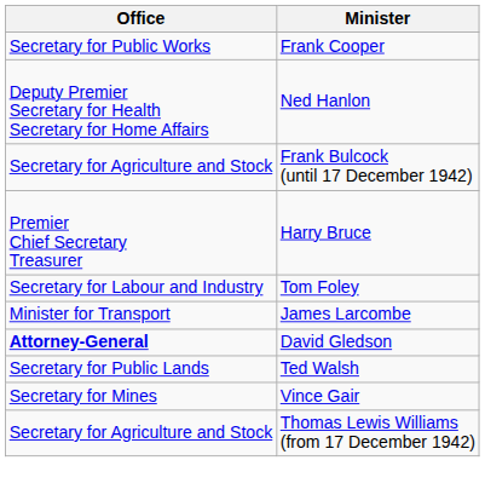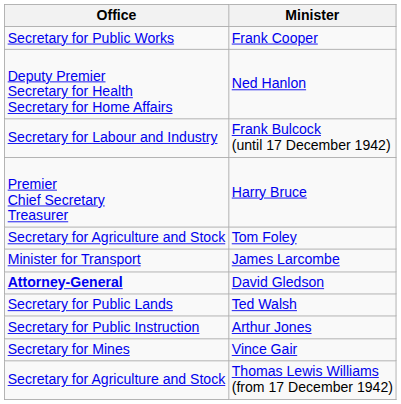 <table class="wikitable">
 <tr>
 <th>Office</th>
 <th>Minister</th>
 </tr>
 <tr>
 <td><a href='#'>Secretary for Public Works</a><br></td>
 <td><a href='#'>Frank Cooper</a></td>
 </tr>
 <tr>
 <td><br><a href='#'>Deputy Premier</a><br> <a href='#'>Secretary for Health</a><br> <a href='#'>Secretary for Home Affairs</a></td>
 <td><a href='#'>Ned Hanlon</a></td>
 </tr>
 <tr>
-<td><a href='#'>Secretary for Agriculture and Stock</a></td>
+<td><a href='#'>Secretary for Labour and Industry</a></td>
 <td><a href='#'>Frank Bulcock</a><br>(until 17 December 1942)</td>
 </tr>
 <tr>
 <td><br><a href='#'>Premier</a><br> <a href='#'>Chief Secretary</a><br> <a href='#'>Treasurer</a></td>
 <td><a href='#'>Harry Bruce</a></td>
 </tr>
 <tr>
-<td><a href='#'>Secretary for Labour and Industry</a></td>
+<td><a href='#'>Secretary for Agriculture and Stock</a></td>
 <td><a href='#'>Tom Foley</a></td>
 </tr>
 <tr>
 <td><a href='#'>Minister for Transport</a></td>
 <td><a href='#'>James Larcombe</a></td>
 </tr>
 <tr>
 <td><strong><a href='#'>Attorney-General</a></strong></td>
 <td><a href='#'>David Gledson</a></td>
 </tr>
 <tr>
 <td><a href='#'>Secretary for Public Lands</a></td>
 <td><a href='#'>Ted Walsh</a></td>
 </tr>
 <tr>
+<td><a href='#'>Secretary for Public Instruction</a><br></td>
+<td><a href='#'>Arthur Jones</a></td>
+</tr>
+<tr>
 <td><a href='#'>Secretary for Mines</a></td>
 <td><a href='#'>Vince Gair</a></td>
 </tr>
 <tr>
 <td><a href='#'>Secretary for Agriculture and Stock</a></td>
 <td><a href='#'>Thomas Lewis Williams</a><br>(from 17 December 1942)</td>
 </tr>
 </table>
